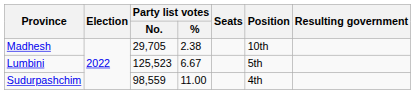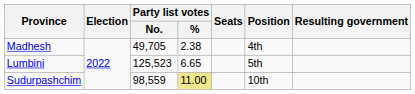 <table class="wikitable">
 <tr>
 <th rowspan="2" style="background:">Province</th>
 <th rowspan="2" style="background:">Election</th>
 <th colspan="2" style="background:">Party list votes</th>
 <th rowspan="2" style="background:">Seats</th>
 <th rowspan="2" style="background:">Position</th>
 <th rowspan="2" style="background:">Resulting government</th>
 </tr>
 <tr>
 <th style="background:">No.</th>
 <th style="background:">%</th>
 </tr>
 <tr>
 <td><a href='#'>Madhesh</a></td>
 <td rowspan="3"><a href='#'>2022</a></td>
-<td>29,705</td>
+<td>49,705</td>
 <td>2.38</td>
 <td></td>
-<td>10th</td>
+<td>4th</td>
 <td></td>
 </tr>
 <tr>
 <td><a href='#'>Lumbini</a></td>
 <td>125,523</td>
-<td>6.67</td>
+<td>6.65</td>
 <td></td>
 <td>5th</td>
 <td></td>
 </tr>
 <tr>
 <td><a href='#'>Sudurpashchim</a></td>
 <td>98,559</td>
-<td>11.00</td>
+<td style="background: khaki;">11.00</td>
 <td></td>
-<td>4th</td>
+<td>10th</td>
 <td></td>
 </tr>
 </table>
